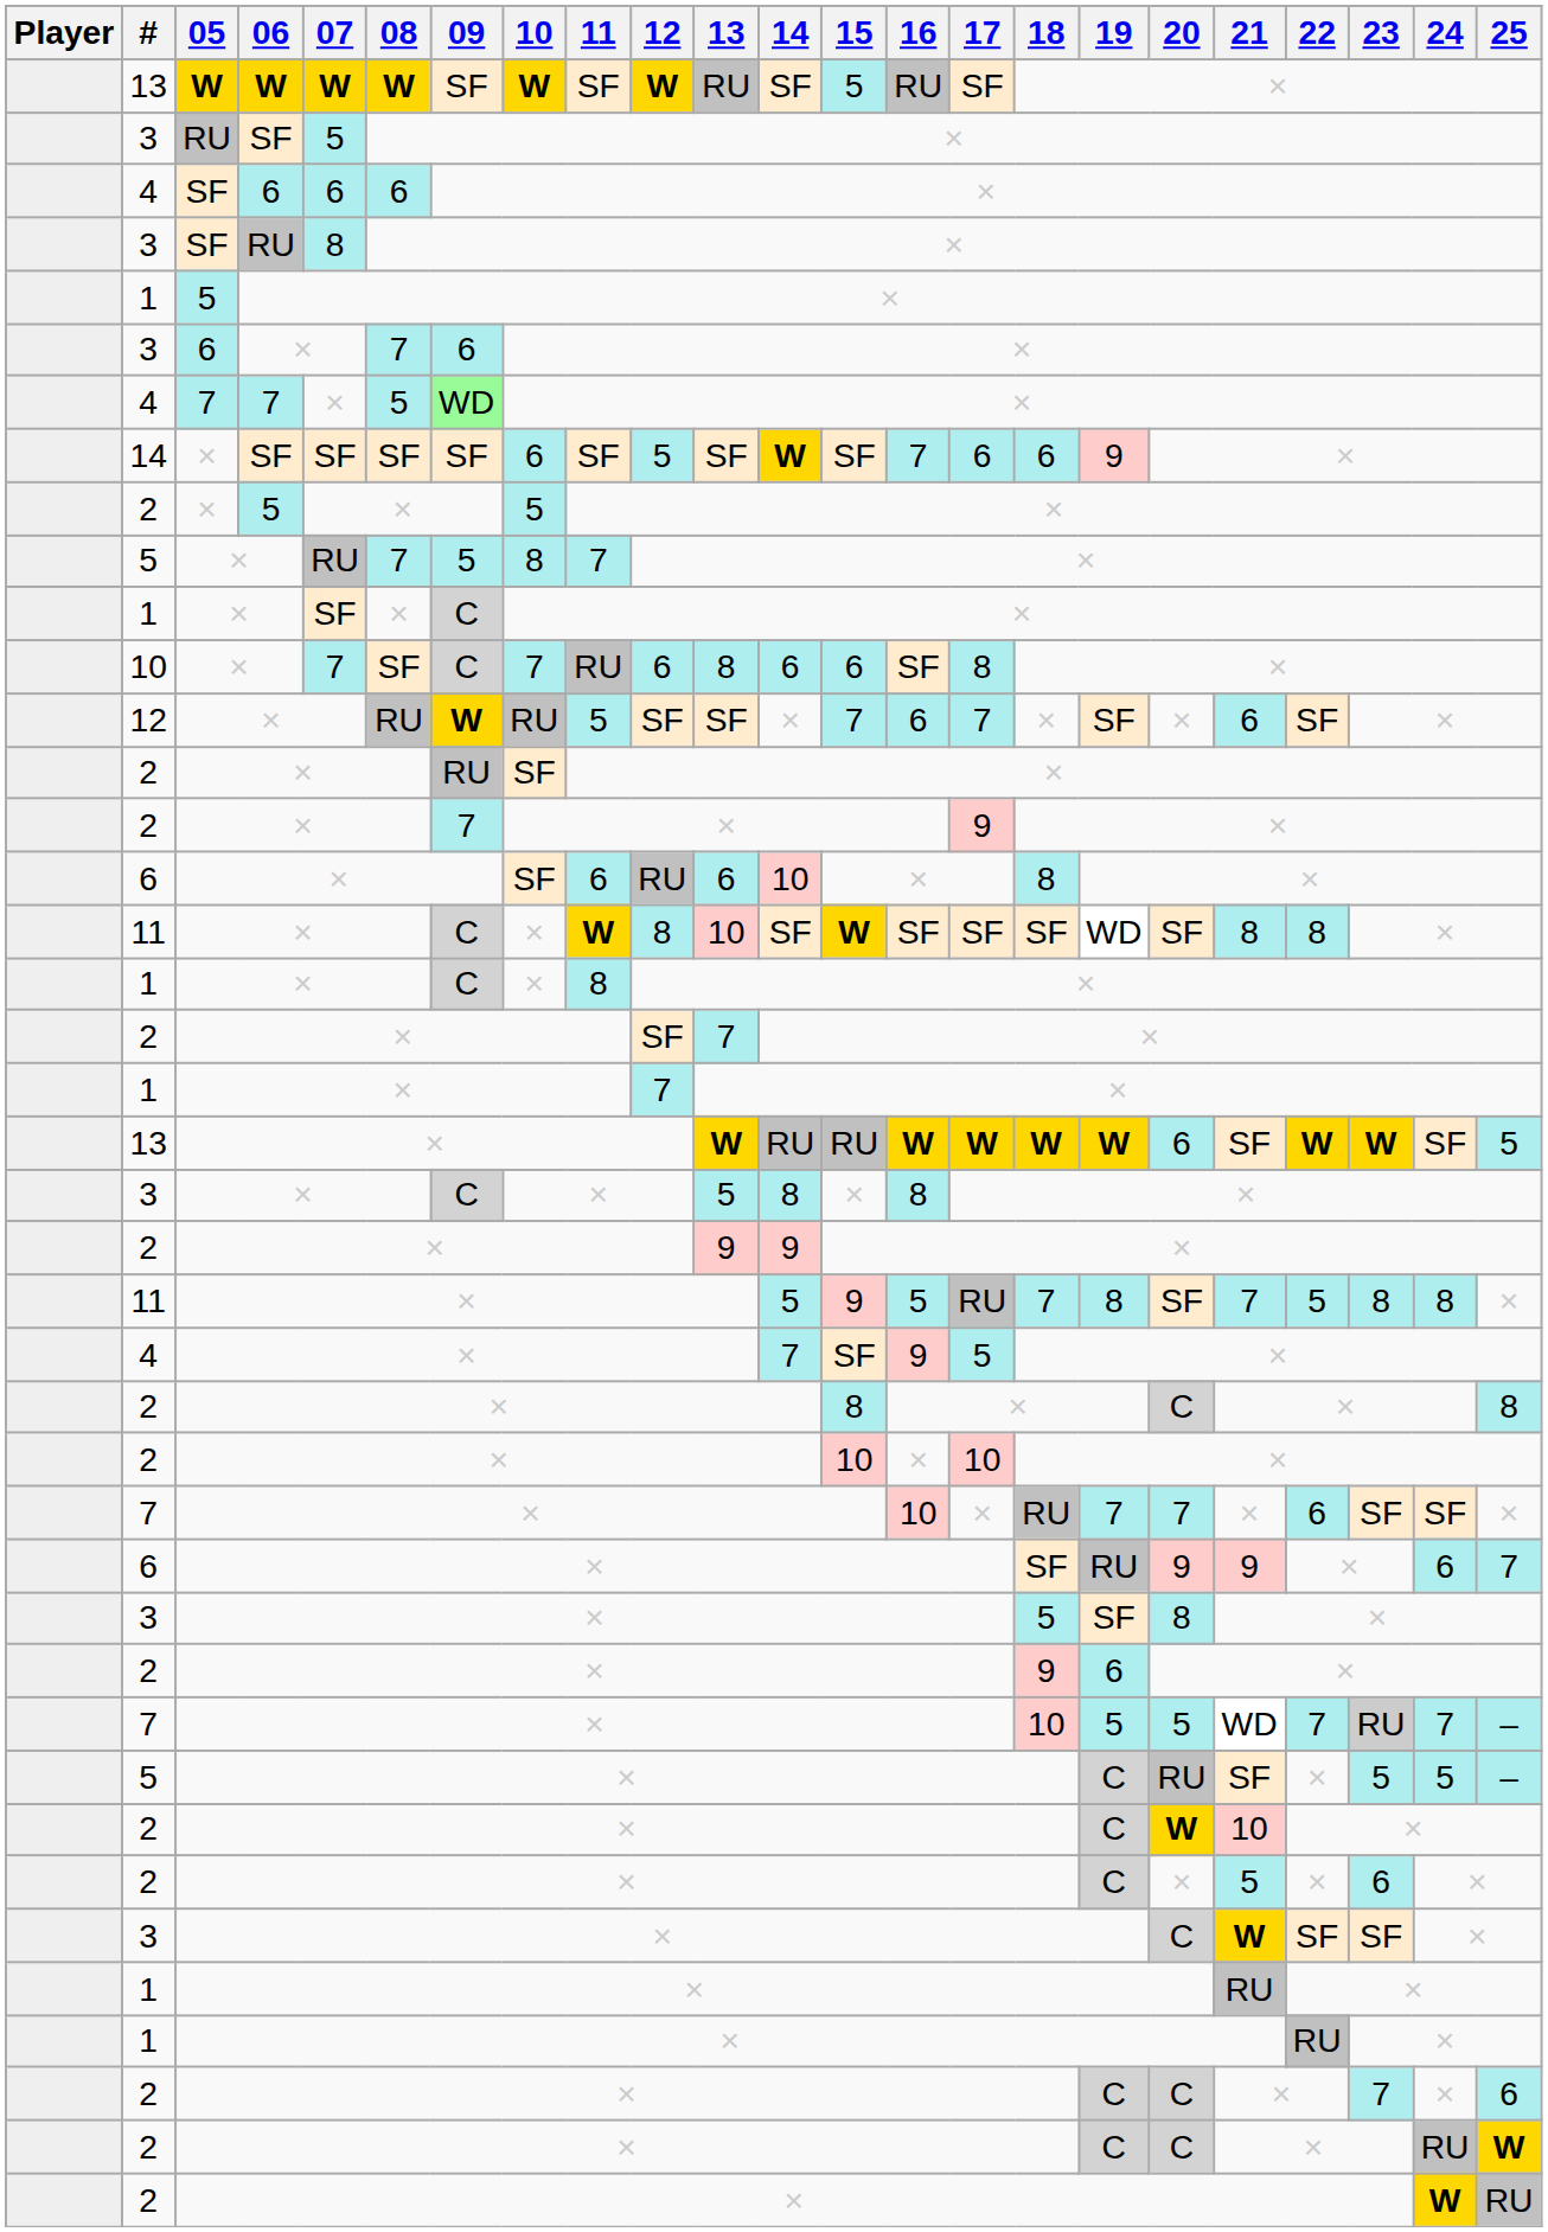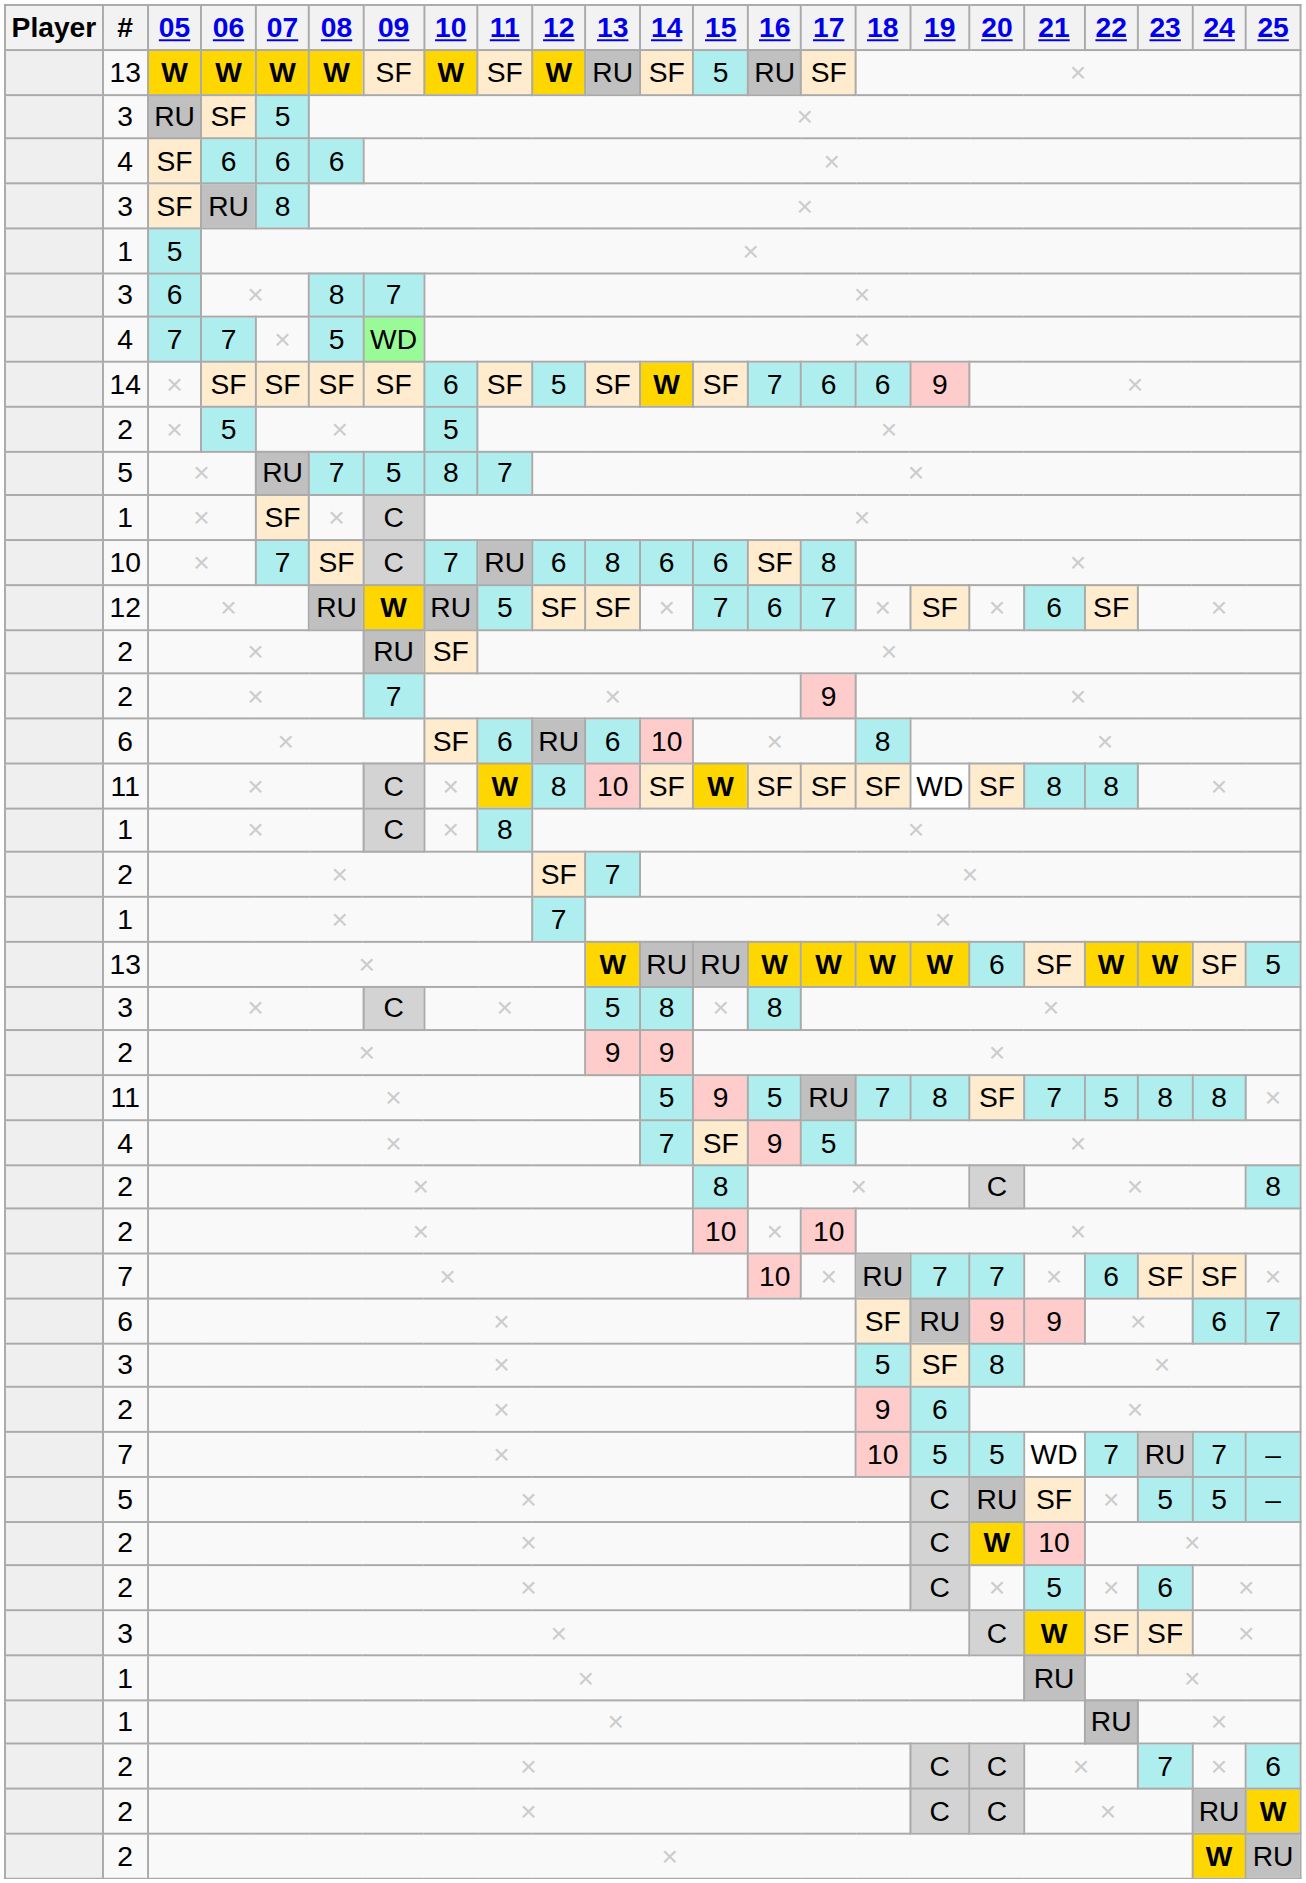 <table class="wikitable sortable" style="margin:0; text-align:center; font-size:90%;">
 <tr>
 <th>Player</th>
 <th>#</th>
 <th data-sort-type="number"><a href='#'>05</a></th>
 <th data-sort-type="number"><a href='#'>06</a></th>
 <th data-sort-type="number"><a href='#'>07</a></th>
 <th data-sort-type="number"><a href='#'>08</a></th>
 <th data-sort-type="number"><a href='#'>09</a></th>
 <th data-sort-type="number"><a href='#'>10</a></th>
 <th data-sort-type="number"><a href='#'>11</a></th>
 <th data-sort-type="number"><a href='#'>12</a></th>
 <th data-sort-type="number"><a href='#'>13</a></th>
 <th data-sort-type="number"><a href='#'>14</a></th>
 <th data-sort-type="number"><a href='#'>15</a></th>
 <th data-sort-type="number"><a href='#'>16</a></th>
 <th data-sort-type="number"><a href='#'>17</a></th>
 <th data-sort-type="number"><a href='#'>18</a></th>
 <th data-sort-type="number"><a href='#'>19</a></th>
 <th data-sort-type="number"><a href='#'>20</a></th>
 <th data-sort-type="number"><a href='#'>21</a></th>
 <th data-sort-type="number"><a href='#'>22</a></th>
 <th data-sort-type="number"><a href='#'>23</a></th>
 <th data-sort-type="number"><a href='#'>24</a></th>
 <th data-sort-type="number"><a href='#'>25</a></th>
 </tr>
 <tr>
 <td style="text-align:left; background:#efefef;"></td>
 <td>13</td>
 <td style="background:gold;"> <strong>W</strong></td>
 <td style="background:gold;"> <strong>W</strong></td>
 <td style="background:gold;"> <strong>W</strong></td>
 <td style="background:gold;"> <strong>W</strong></td>
 <td style="background:#ffebcd;"> SF</td>
 <td style="background:gold;"> <strong>W</strong></td>
 <td style="background:#ffebcd;"> SF</td>
 <td style="background:gold;"> <strong>W</strong></td>
 <td style="background:silver;"> RU</td>
 <td style="background:#ffebcd;"> SF</td>
 <td style="background:#afeeee;">5</td>
 <td style="background:silver;"> RU</td>
 <td style="background:#ffebcd;"> SF</td>
 <td style="text-align:center; color:#ccc;" colspan=8> ×</td>
 </tr>
 <tr>
 <td style="text-align:left; background:#efefef;"></td>
 <td>3</td>
 <td style="background:silver;"> RU</td>
 <td style="background:#ffebcd;"> SF</td>
 <td style="background:#afeeee;">5</td>
 <td colspan="18" style="color:#ccc;"> ×</td>
 </tr>
 <tr>
 <td style="text-align:left; background:#efefef;"></td>
 <td>4</td>
 <td style="background:#ffebcd;"> SF</td>
 <td style="background:#afeeee;">6</td>
 <td style="background:#afeeee;">6</td>
 <td style="background:#afeeee;">6</td>
 <td colspan="17" style="color:#ccc;"> ×</td>
 </tr>
 <tr>
 <td style="text-align:left; background:#efefef;"></td>
 <td>3</td>
 <td style="background:#ffebcd;"> SF</td>
 <td style="background:silver;"> RU</td>
 <td style="background:#afeeee;">8</td>
 <td colspan="18" style="color:#ccc;"> ×</td>
 </tr>
 <tr>
 <td style="text-align:left; background:#efefef;"></td>
 <td>1</td>
 <td style="background:#afeeee;">5</td>
 <td colspan="20" style="color:#ccc;"> ×</td>
 </tr>
 <tr>
 <td style="text-align:left; background:#efefef;"></td>
 <td>3</td>
 <td style="background:#afeeee;">6</td>
 <td colspan="2" style="color:#ccc;"> ×</td>
+<td style="background:#afeeee;">8</td>
 <td style="background:#afeeee;">7</td>
-<td style="background:#afeeee;">6</td>
 <td colspan="16" style="color:#ccc;"> ×</td>
 </tr>
 <tr>
 <td style="text-align:left; background:#efefef;"></td>
 <td>4</td>
 <td style="background:#afeeee;">7</td>
 <td style="background:#afeeee;">7</td>
 <td style="color:#ccc;"> ×</td>
 <td style="background:#afeeee;">5</td>
 <td style="background:PaleGreen;"> WD</td>
 <td colspan="16" style="color:#ccc;"> ×</td>
 </tr>
 <tr>
 <td style="text-align:left; background:#efefef;"></td>
 <td>14</td>
 <td style="text-align:center; color:#ccc;"> ×</td>
 <td style="background:#ffebcd;"> SF</td>
 <td style="background:#ffebcd;"> SF</td>
 <td style="background:#ffebcd;"> SF</td>
 <td style="background:#ffebcd;"> SF</td>
 <td style="background:#afeeee;">6</td>
 <td style="background:#ffebcd;"> SF</td>
 <td style="background:#afeeee;">5</td>
 <td style="background:#ffebcd;"> SF</td>
 <td style="background:gold;"> <strong>W</strong></td>
 <td style="background:#ffebcd;"> SF</td>
 <td style="background:#afeeee;">7</td>
 <td style="background:#afeeee;">6</td>
 <td style="background:#afeeee;">6</td>
 <td style="background:#ffcccc;">9</td>
 <td colspan="6" style="color:#ccc;"> ×</td>
 </tr>
 <tr>
 <td style="text-align:left; background:#efefef;"></td>
 <td>2</td>
 <td style="color:#ccc;"> ×</td>
 <td style="background:#afeeee;">5</td>
 <td colspan=3 style="color:#ccc;"> ×</td>
 <td style="background:#afeeee;">5</td>
 <td colspan="15" style="color:#ccc;"> ×</td>
 </tr>
 <tr>
 <td style="text-align:left; background:#efefef;"></td>
 <td>5</td>
 <td colspan="2" style="color:#ccc;"> ×</td>
 <td style="background:silver;"> RU</td>
 <td style="background:#afeeee;">7</td>
 <td style="background:#afeeee;">5</td>
 <td style="background:#afeeee;">8</td>
 <td style="background:#afeeee;">7</td>
 <td colspan="14" style="color:#ccc;"> ×</td>
 </tr>
 <tr>
 <td style="text-align:left; background:#efefef;"></td>
 <td>1</td>
 <td colspan=2 style="color:#ccc;"> ×</td>
 <td style="background:#ffebcd;"> SF</td>
 <td style="color:#ccc;"> ×</td>
 <td style="background:#D3D3D3;">  C</td>
 <td colspan="16" style="color:#ccc;"> ×</td>
 </tr>
 <tr>
 <td style="text-align:left; background:#efefef;"></td>
 <td>10</td>
 <td colspan="2" style="color:#ccc;"> ×</td>
 <td style="background:#afeeee;">7</td>
 <td style="background:#ffebcd;"> SF</td>
 <td style="background:#D3D3D3;"> C</td>
 <td style="background:#afeeee;">7</td>
 <td style="background:silver;"> RU</td>
 <td style="background:#afeeee;">6</td>
 <td style="background:#afeeee;">8</td>
 <td style="background:#afeeee;">6</td>
 <td style="background:#afeeee;">6</td>
 <td style="background:#ffebcd;"> SF</td>
 <td style="background:#afeeee;">8</td>
 <td colspan="8" style="color:#ccc;"> ×</td>
 </tr>
 <tr>
 <td style="text-align:left; background:#efefef;"></td>
 <td>12</td>
 <td colspan="3" style="color:#ccc;"> ×</td>
 <td style="background:silver;"> RU</td>
 <td style="background:gold;"> <strong>W</strong></td>
 <td style="background:silver;"> RU</td>
 <td style="background:#afeeee;">5</td>
 <td style="background:#ffebcd;"> SF</td>
 <td style="background:#ffebcd;"> SF</td>
 <td style="color:#ccc;"> ×</td>
 <td Style="background:#afeeee;">7</td>
 <td style="background:#afeeee;">6</td>
 <td style="background:#afeeee;">7</td>
 <td style="color:#ccc;"> ×</td>
 <td style="background:#ffebcd;"> SF</td>
 <td colspan="1" style="color:#ccc;"> ×</td>
 <td style="background:#afeeee;">6</td>
 <td style="background:#ffebcd;"> SF</td>
 <td colspan="3" style="color:#ccc;"> ×</td>
 </tr>
 <tr>
 <td style="text-align:left; background:#efefef;"></td>
 <td>2</td>
 <td colspan="4" style="color:#ccc;"> ×</td>
 <td style="background:silver;"> RU</td>
 <td style="background:#ffebcd;"> SF</td>
 <td colspan="15" style="color:#ccc;"> ×</td>
 </tr>
 <tr>
 <td style="text-align:left; background:#efefef;"></td>
 <td>2</td>
 <td colspan="4" style="color:#ccc;"> ×</td>
 <td style="background:#afeeee;">7</td>
 <td colspan="7" style="color:#ccc;"> ×</td>
 <td style="background:#ffcccc;">9</td>
 <td colspan="8" style="color:#ccc;"> ×</td>
 </tr>
 <tr>
 <td style="text-align:left; background:#efefef;"></td>
 <td>6</td>
 <td colspan="5" style="color:#ccc;"> ×</td>
 <td style="background:#ffebcd;"> SF</td>
 <td style="background:#afeeee;">6</td>
 <td style="background:silver;"> RU</td>
 <td style="background:#afeeee;">6</td>
 <td style="background:#ffcccc;">10</td>
 <td colspan="3" style="color:#ccc;"> ×</td>
 <td style="background:#afeeee;">8</td>
 <td colspan="7" style="color:#ccc;"> ×</td>
 </tr>
 <tr>
 <td style="text-align:left; background:#efefef;"></td>
 <td>11</td>
 <td colspan=4 style="color:#ccc;"> ×</td>
 <td style="background:#D3D3D3;"> C</td>
 <td style="color:#ccc;"> ×</td>
 <td style="background:gold;"> <strong>W</strong></td>
 <td style="background:#afeeee;">8</td>
 <td style="background:#ffcccc;">10</td>
 <td style="background:#ffebcd;"> SF</td>
 <td style="background:gold;"> <strong>W</strong></td>
 <td style="background:#ffebcd;"> SF</td>
 <td style="background:#ffebcd;"> SF</td>
 <td style="background:#ffebcd;"> SF</td>
 <td style="background:white;"> WD</td>
 <td style="background:#ffebcd;"> SF</td>
 <td style="background:#afeeee;">8</td>
 <td style="background:#afeeee;">8</td>
 <td colspan="3" style="color:#ccc;"> ×</td>
 </tr>
 <tr>
 <td style="text-align:left; background:#efefef;"></td>
 <td>1</td>
 <td colspan=4 style="color:#ccc;"> ×</td>
 <td style="background:#D3D3D3;"> C</td>
 <td style="color:#ccc;"> ×</td>
 <td style="background:#afeeee;">8</td>
 <td colspan="14" style="color:#ccc;"> ×</td>
 </tr>
 <tr>
 <td style="text-align:left; background:#efefef;"></td>
 <td>2</td>
 <td colspan=7 style="color:#ccc;"> ×</td>
 <td style="background:#ffebcd;"> SF</td>
 <td style="background:#afeeee;">7</td>
 <td colspan="12" style="color:#ccc;"> ×</td>
 </tr>
 <tr>
 <td style="text-align:left; background:#efefef;"></td>
 <td>1</td>
 <td colspan=7 style="color:#ccc;"> ×</td>
 <td style="background:#afeeee;">7</td>
 <td colspan="13" style="color:#ccc;"> ×</td>
 </tr>
 <tr>
 <td style="text-align:left; background:#efefef;"></td>
 <td>13</td>
 <td colspan="8" style="color:#ccc;"> ×</td>
 <td style="background:gold;"> <strong>W</strong></td>
 <td style="background:silver;"> RU</td>
 <td style="background:silver;"> RU</td>
 <td style="background:gold;"> <strong>W</strong></td>
 <td style="background:gold;"> <strong>W</strong></td>
 <td style="background:gold;"> <strong>W</strong></td>
 <td style="background:gold;"> <strong>W</strong></td>
 <td style="background:#afeeee;">6</td>
 <td style="background:#ffebcd;"> SF</td>
 <td style="background:gold;"> <strong>W</strong></td>
 <td style="background:gold;"> <strong>W</strong></td>
 <td style="background:#ffebcd;"> SF</td>
 <td style="background:#afeeee;">5</td>
 </tr>
 <tr>
 <td style="text-align:left; background:#efefef;"></td>
 <td>3</td>
 <td colspan=4 style="color:#ccc;"> ×</td>
 <td style="background:#D3D3D3;"> C</td>
 <td colspan=3 style="color:#ccc;"> ×</td>
 <td style="background:#afeeee;">5</td>
 <td style="background:#afeeee;">8</td>
 <td style="color:#ccc;"> ×</td>
 <td style="background:#afeeee;">8</td>
 <td colspan="9" style="color:#ccc;"> ×</td>
 </tr>
 <tr>
 <td style="text-align:left; background:#efefef;"></td>
 <td>2</td>
 <td colspan=8 style="color:#ccc;"> ×</td>
 <td style="background:#ffcccc;">9</td>
 <td style="background:#ffcccc;">9</td>
 <td colspan="11" style="color:#ccc;"> ×</td>
 </tr>
 <tr>
 <td style="text-align:left; background:#efefef;"></td>
 <td>11</td>
 <td colspan="9" style="color:#ccc;"> ×</td>
 <td style="background:#afeeee;">5</td>
 <td style="background:#ffcccc;">9</td>
 <td style="background:#afeeee;">5</td>
 <td style="background:silver;"> RU</td>
 <td style="background:#afeeee;">7</td>
 <td style="background:#afeeee;">8</td>
 <td style="background:#ffebcd;"> SF</td>
 <td style="background:#afeeee;">7</td>
 <td style="background:#afeeee;">5</td>
 <td style="background:#afeeee;">8</td>
 <td style="background:#afeeee;">8</td>
 <td colspan="1" style="color:#ccc;"> ×</td>
 </tr>
 <tr>
 <td style="text-align:left; background:#efefef;"></td>
 <td>4</td>
 <td colspan=9 style="color:#ccc;"> ×</td>
 <td style="background:#afeeee;">7</td>
 <td style="background:#ffebcd;"> SF</td>
 <td style="background:#ffcccc;">9</td>
 <td style="background:#afeeee;">5</td>
 <td colspan="8" style="color:#ccc;"> ×</td>
 </tr>
 <tr>
 <td style="text-align:left; background:#efefef;"></td>
 <td>2</td>
 <td colspan=10 style="color:#ccc;"> ×</td>
 <td style="background:#afeeee;">8</td>
 <td colspan="4" style="color:#ccc;"> ×</td>
 <td style="background:#D3D3D3;"> C</td>
 <td colspan="4" style="color:#ccc;"> ×</td>
 <td style="background:#afeeee;">8</td>
 </tr>
 <tr>
 <td style="text-align:left; background:#efefef;"></td>
 <td>2</td>
 <td colspan=10 style="color:#ccc;"> ×</td>
 <td style="background:#ffcccc;">10</td>
 <td style="color:#ccc;"> ×</td>
 <td style="background:#ffcccc;">10</td>
 <td colspan="8" style="color:#ccc;"> ×</td>
 </tr>
 <tr>
 <td style="text-align:left; background:#efefef;"></td>
 <td>7</td>
 <td colspan=11 style="color:#ccc;"> ×</td>
 <td style="background:#ffcccc;">10</td>
 <td style="color:#ccc;"> ×</td>
 <td style="background:silver;"> RU</td>
 <td style="background:#afeeee;">7</td>
 <td style="background:#afeeee;">7</td>
 <td colspan=1 style="color:#ccc;"> ×</td>
 <td style="background:#afeeee;">6</td>
 <td style="background:#ffebcd;">SF</td>
 <td style="background:#ffebcd;">SF</td>
 <td colspan=1 style="color:#ccc;"> ×</td>
 </tr>
 <tr>
 <td style="text-align:left; background:#efefef;"></td>
 <td>6</td>
 <td colspan=13 style="color:#ccc;"> ×</td>
 <td style="background:#ffebcd;"> SF</td>
 <td style="background:silver;"> RU</td>
 <td style="background:#ffcccc;">9</td>
 <td style="background:#ffcccc;">9</td>
 <td colspan=2 style="color:#ccc;"> ×</td>
 <td style="background:#afeeee;">6</td>
 <td style="background:#afeeee;">7</td>
 </tr>
 <tr>
 <td style="text-align:left; background:#efefef;"></td>
 <td>3</td>
 <td colspan=13 style="color:#ccc;"> ×</td>
 <td style="background:#afeeee;">5</td>
 <td style="background:#ffebcd;"> SF</td>
 <td style="background:#afeeee;">8</td>
 <td colspan=5 style="color:#ccc;"> ×</td>
 </tr>
 <tr>
 <td style="text-align:left; background:#efefef;"></td>
 <td>2</td>
 <td colspan=13 style="color:#ccc;"> ×</td>
 <td style="background:#ffcccc;">9</td>
 <td style="background:#afeeee;">6</td>
 <td colspan=6 style="color:#ccc;"> ×</td>
 </tr>
 <tr>
 <td style="text-align:left; background:#efefef;"></td>
 <td>7</td>
 <td colspan=13 style="color:#ccc;"> ×</td>
 <td style="background:#ffcccc;">10</td>
 <td style="background:#afeeee;">5</td>
 <td style="background:#afeeee;">5</td>
 <td style="background:white;"> WD</td>
 <td style="background:#afeeee;">7</td>
 <td style="background:#ccc;">RU</td>
 <td style="background:#afeeee;">7</td>
 <td style="background:#afeeee;">–</td>
 </tr>
 <tr>
 <td style="text-align:left; background:#efefef;"></td>
 <td>5</td>
 <td colspan=14 style="color:#ccc;"> ×</td>
 <td style="background:#D3D3D3;"> C</td>
 <td style="background:silver;"> RU</td>
 <td style="background:#ffebcd;"> SF</td>
 <td colspan=1 style="color:#ccc;"> ×</td>
 <td style="background:#afeeee;">5</td>
 <td style="background:#afeeee;">5</td>
 <td style="background:#afeeee;">–</td>
 </tr>
 <tr>
 <td style="text-align:left; background:#efefef;"></td>
 <td>2</td>
 <td colspan=14 style="color:#ccc;"> ×</td>
 <td style="background:#D3D3D3;"> C</td>
 <td style="background:gold;"> <strong>W</strong></td>
 <td style="background:#ffcccc;">10</td>
 <td colspan=4 style="color:#ccc;"> ×</td>
 </tr>
 <tr>
 <td style="text-align:left; background:#efefef;"></td>
 <td>2</td>
 <td colspan=14 style="color:#ccc;"> ×</td>
 <td style="background:#D3D3D3;"> C</td>
 <td colspan=1 style="color:#ccc;"> ×</td>
 <td style="background:#afeeee;">5</td>
 <td colspan=1 style="color:#ccc;"> ×</td>
 <td style="background:#afeeee;">6</td>
 <td colspan=2 style="color:#ccc;"> ×</td>
 </tr>
 <tr>
 <td style="text-align:left; background:#efefef;"></td>
 <td>3</td>
 <td colspan=15 style="color:#ccc;"> ×</td>
 <td style="background:#D3D3D3;"> C</td>
 <td style="background:gold;"> <strong>W</strong></td>
 <td style="background:#ffebcd;"> SF</td>
 <td style="background:#ffebcd;"> SF</td>
 <td colspan=2 style="color:#ccc;"> ×</td>
 </tr>
 <tr>
 <td style="text-align:left; background:#efefef;"></td>
 <td>1</td>
 <td colspan=16 style="color:#ccc;"> ×</td>
 <td style="background:silver;"> RU</td>
 <td colspan=4 style="color:#ccc;"> ×</td>
 </tr>
 <tr>
 <td style="text-align:left; background:#efefef;"></td>
 <td>1</td>
 <td colspan=17 style="color:#ccc;"> ×</td>
 <td style="background:silver;"> RU</td>
 <td colspan=3 style="color:#ccc;"> ×</td>
 </tr>
 <tr>
 <td style="text-align:left; background:#efefef;"></td>
 <td>2</td>
 <td colspan=14 style="color:#ccc;"> ×</td>
 <td style="background:#D3D3D3;"> C</td>
 <td style="background:#D3D3D3;"> C</td>
 <td colspan=2 style="color:#ccc;"> ×</td>
 <td style="background:#afeeee;">7</td>
 <td colspan=1 style="color:#ccc;"> ×</td>
 <td style="background:#afeeee;">6</td>
 </tr>
 <tr>
 <td style="text-align:left; background:#efefef;"></td>
 <td>2</td>
 <td colspan=14 style="color:#ccc;"> ×</td>
 <td style="background:#D3D3D3;"> C</td>
 <td style="background:#D3D3D3;"> C</td>
 <td colspan=3 style="color:#ccc;"> ×</td>
 <td style="background:silver;"> RU</td>
 <td style="background:gold;"> <strong>W</strong></td>
 </tr>
 <tr>
 <td style="text-align:left; background:#efefef;"></td>
 <td>2</td>
 <td colspan=19 style="color:#ccc;"> ×</td>
 <td style="background:gold;"> <strong>W</strong></td>
 <td style="background:silver;"> RU</td>
 </tr>
 </table>
